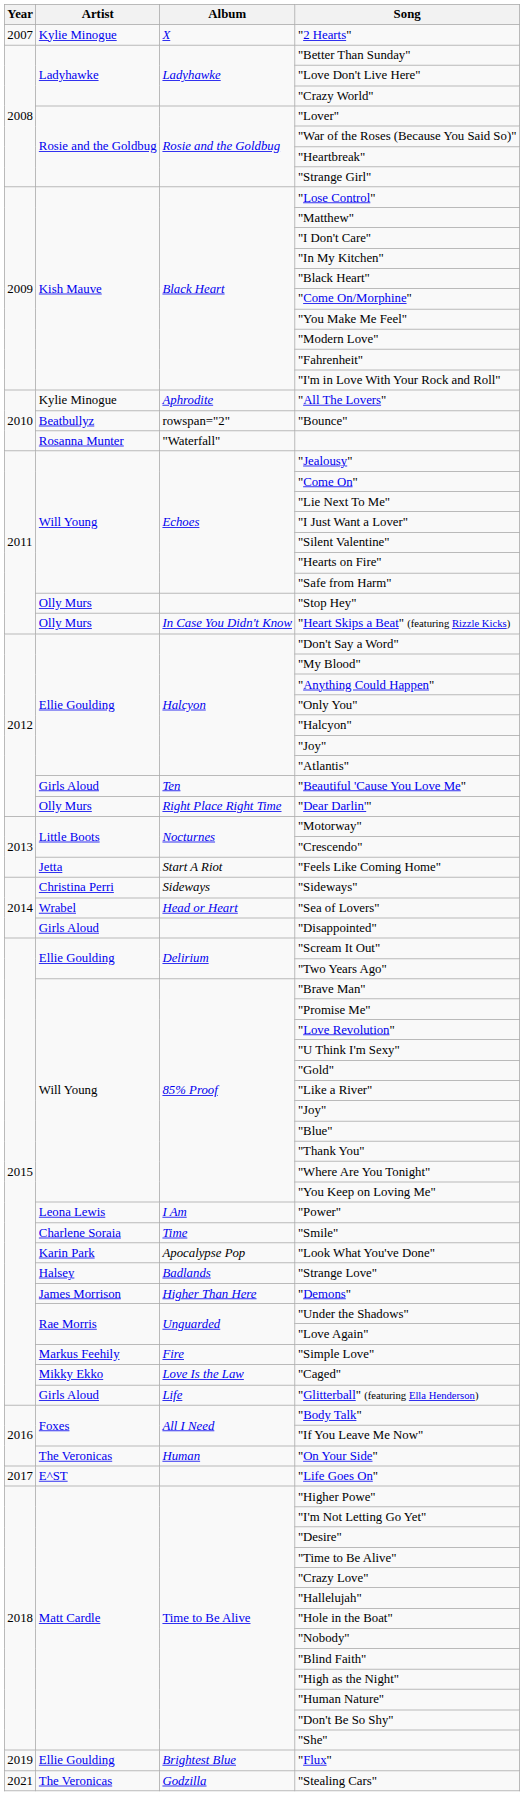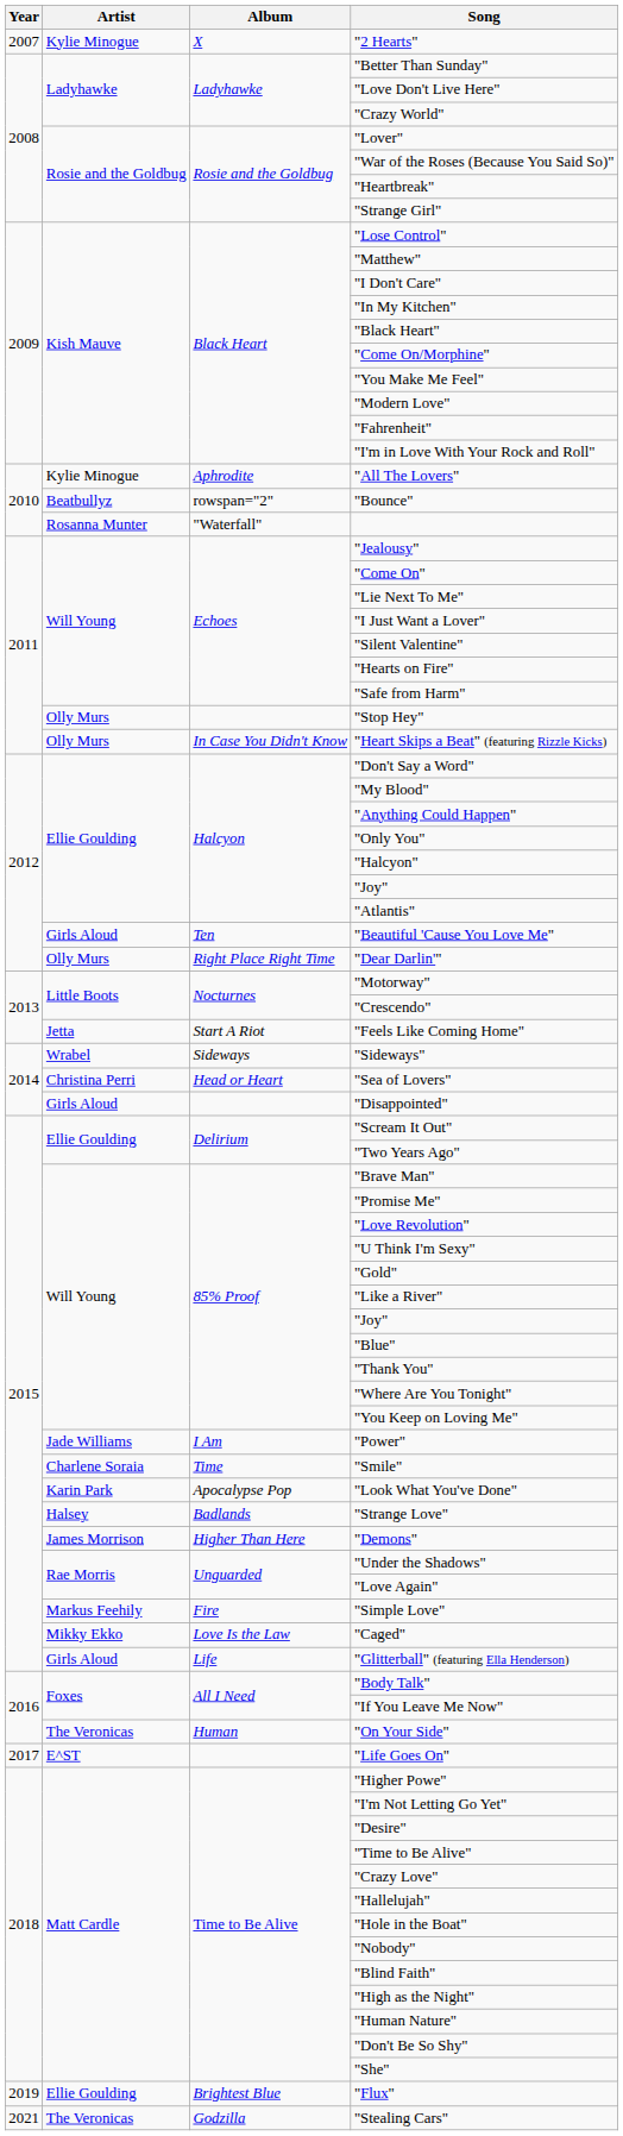 <table class="wikitable">
 <tr>
 <th>Year</th>
 <th>Artist</th>
 <th>Album</th>
 <th>Song</th>
 </tr>
 <tr>
 <td>2007</td>
 <td><a href='#'>Kylie Minogue</a></td>
 <td><em><a href='#'>X</a></em></td>
 <td>"<a href='#'>2 Hearts</a>"</td>
 </tr>
 <tr>
 <td rowspan="7">2008</td>
 <td rowspan="3"><a href='#'>Ladyhawke</a></td>
 <td rowspan="3"><em><a href='#'>Ladyhawke</a></em></td>
 <td>"Better Than Sunday"</td>
 </tr>
 <tr>
 <td>"Love Don't Live Here"</td>
 </tr>
 <tr>
 <td>"Crazy World"</td>
 </tr>
 <tr>
 <td rowspan="4"><a href='#'>Rosie and the Goldbug</a></td>
 <td rowspan="4"><em><a href='#'>Rosie and the Goldbug</a></em></td>
 <td>"Lover"</td>
 </tr>
 <tr>
 <td>"War of the Roses (Because You Said So)"</td>
 </tr>
 <tr>
 <td>"Heartbreak"</td>
 </tr>
 <tr>
 <td>"Strange Girl"</td>
 </tr>
 <tr>
 <td rowspan="10">2009</td>
 <td rowspan="10"><a href='#'>Kish Mauve</a></td>
 <td rowspan="10"><em><a href='#'>Black Heart</a></em></td>
 <td>"<a href='#'>Lose Control</a>"</td>
 </tr>
 <tr>
 <td>"Matthew"</td>
 </tr>
 <tr>
 <td>"I Don't Care"</td>
 </tr>
 <tr>
 <td>"In My Kitchen"</td>
 </tr>
 <tr>
 <td>"Black Heart"</td>
 </tr>
 <tr>
 <td>"<a href='#'>Come On/Morphine</a>"</td>
 </tr>
 <tr>
 <td>"You Make Me Feel"</td>
 </tr>
 <tr>
 <td>"Modern Love"</td>
 </tr>
 <tr>
 <td>"Fahrenheit"</td>
 </tr>
 <tr>
 <td>"I'm in Love With Your Rock and Roll"</td>
 </tr>
 <tr>
 <td rowspan="3">2010</td>
 <td>Kylie Minogue</td>
 <td><em><a href='#'>Aphrodite</a></em></td>
 <td>"<a href='#'>All The Lovers</a>"</td>
 </tr>
 <tr>
 <td><a href='#'>Beatbullyz</a></td>
 <td>rowspan="2" </td>
 <td>"Bounce"</td>
 </tr>
 <tr>
 <td><a href='#'>Rosanna Munter</a></td>
 <td>"Waterfall"</td>
 </tr>
 <tr>
 <td rowspan="9">2011</td>
 <td rowspan="7"><a href='#'>Will Young</a></td>
 <td rowspan="7"><em><a href='#'>Echoes</a></em></td>
 <td>"<a href='#'>Jealousy</a>"</td>
 </tr>
 <tr>
 <td>"<a href='#'>Come On</a>"</td>
 </tr>
 <tr>
 <td>"Lie Next To Me"</td>
 </tr>
 <tr>
 <td>"I Just Want a Lover"</td>
 </tr>
 <tr>
 <td>"Silent Valentine"</td>
 </tr>
 <tr>
 <td>"Hearts on Fire"</td>
 </tr>
 <tr>
 <td>"Safe from Harm"</td>
 </tr>
 <tr>
 <td><a href='#'>Olly Murs</a></td>
 <td></td>
 <td>"Stop Hey"</td>
 </tr>
 <tr>
 <td><a href='#'>Olly Murs</a></td>
 <td><em><a href='#'>In Case You Didn't Know</a></em></td>
 <td>"<a href='#'>Heart Skips a Beat</a>" <small>(featuring <a href='#'>Rizzle Kicks</a>)</small></td>
 </tr>
 <tr>
 <td rowspan="9">2012</td>
 <td rowspan="7"><a href='#'>Ellie Goulding</a></td>
 <td rowspan="7"><em><a href='#'>Halcyon</a></em></td>
 <td>"Don't Say a Word"</td>
 </tr>
 <tr>
 <td>"My Blood"</td>
 </tr>
 <tr>
 <td>"<a href='#'>Anything Could Happen</a>"</td>
 </tr>
 <tr>
 <td>"Only You"</td>
 </tr>
 <tr>
 <td>"Halcyon"</td>
 </tr>
 <tr>
 <td>"Joy"</td>
 </tr>
 <tr>
 <td>"Atlantis"</td>
 </tr>
 <tr>
 <td><a href='#'>Girls Aloud</a></td>
 <td><em><a href='#'>Ten</a></em></td>
 <td>"<a href='#'>Beautiful 'Cause You Love Me</a>"</td>
 </tr>
 <tr>
 <td><a href='#'>Olly Murs</a></td>
 <td><em><a href='#'>Right Place Right Time</a></em></td>
 <td>"<a href='#'>Dear Darlin'</a>"</td>
 </tr>
 <tr>
 <td rowspan="3">2013</td>
 <td rowspan="2"><a href='#'>Little Boots</a></td>
 <td rowspan="2"><em><a href='#'>Nocturnes</a></em></td>
 <td>"Motorway"</td>
 </tr>
 <tr>
 <td>"Crescendo"</td>
 </tr>
 <tr>
 <td><a href='#'>Jetta</a></td>
 <td><em>Start A Riot</em></td>
 <td>"Feels Like Coming Home"</td>
 </tr>
 <tr>
 <td rowspan="3">2014</td>
-<td><a href='#'>Christina Perri</a></td>
+<td><a href='#'>Wrabel</a></td>
 <td><em>Sideways</em></td>
 <td>"Sideways"</td>
 </tr>
 <tr>
-<td><a href='#'>Wrabel</a></td>
+<td><a href='#'>Christina Perri</a></td>
 <td><em><a href='#'>Head or Heart</a></em></td>
 <td>"Sea of Lovers"</td>
 </tr>
 <tr>
 <td><a href='#'>Girls Aloud</a></td>
 <td></td>
 <td>"Disappointed"</td>
 </tr>
 <tr>
 <td rowspan="23">2015</td>
 <td rowspan="2"><a href='#'>Ellie Goulding</a></td>
 <td rowspan="2"><em><a href='#'>Delirium</a></em></td>
 <td>"Scream It Out"</td>
 </tr>
 <tr>
 <td>"Two Years Ago"</td>
 </tr>
 <tr>
 <td rowspan="11">Will Young</td>
 <td rowspan="11"><em><a href='#'>85% Proof</a></em></td>
 <td>"Brave Man"</td>
 </tr>
 <tr>
 <td>"Promise Me"</td>
 </tr>
 <tr>
 <td>"<a href='#'>Love Revolution</a>"</td>
 </tr>
 <tr>
 <td>"U Think I'm Sexy"</td>
 </tr>
 <tr>
 <td>"Gold"</td>
 </tr>
 <tr>
 <td>"Like a River"</td>
 </tr>
 <tr>
 <td>"Joy"</td>
 </tr>
 <tr>
 <td>"Blue"</td>
 </tr>
 <tr>
 <td>"Thank You"</td>
 </tr>
 <tr>
 <td>"Where Are You Tonight"</td>
 </tr>
 <tr>
 <td>"You Keep on Loving Me"</td>
 </tr>
 <tr>
-<td><a href='#'>Leona Lewis</a></td>
+<td><a href='#'>Jade Williams</a></td>
 <td><em><a href='#'>I Am</a></em></td>
 <td>"Power"</td>
 </tr>
 <tr>
 <td><a href='#'>Charlene Soraia</a></td>
 <td><em><a href='#'>Time</a></em></td>
 <td>"Smile"</td>
 </tr>
 <tr>
 <td><a href='#'>Karin Park</a></td>
 <td><em>Apocalypse Pop</em></td>
 <td>"Look What You've Done"</td>
 </tr>
 <tr>
 <td><a href='#'>Halsey</a></td>
 <td><em><a href='#'>Badlands</a></em></td>
 <td>"Strange Love"</td>
 </tr>
 <tr>
 <td><a href='#'>James Morrison</a></td>
 <td><em><a href='#'>Higher Than Here</a></em></td>
 <td>"<a href='#'>Demons</a>"</td>
 </tr>
 <tr>
 <td rowspan="2"><a href='#'>Rae Morris</a></td>
 <td rowspan="2"><em><a href='#'>Unguarded</a></em></td>
 <td>"Under the Shadows"</td>
 </tr>
 <tr>
 <td>"Love Again"</td>
 </tr>
 <tr>
 <td><a href='#'>Markus Feehily</a></td>
 <td><em><a href='#'>Fire</a></em></td>
 <td>"Simple Love"</td>
 </tr>
 <tr>
 <td><a href='#'>Mikky Ekko</a></td>
 <td><em><a href='#'>Love Is the Law</a></em></td>
 <td>"Caged"</td>
 </tr>
 <tr>
 <td><a href='#'>Girls Aloud</a></td>
 <td><em><a href='#'>Life</a></em></td>
 <td>"<a href='#'>Glitterball</a>" <small>(featuring <a href='#'>Ella Henderson</a>)</small></td>
 </tr>
 <tr>
 <td rowspan="3">2016</td>
 <td rowspan="2"><a href='#'>Foxes</a></td>
 <td rowspan="2"><em><a href='#'>All I Need</a></em></td>
 <td>"<a href='#'>Body Talk</a>"</td>
 </tr>
 <tr>
 <td>"If You Leave Me Now"</td>
 </tr>
 <tr>
 <td><a href='#'>The Veronicas</a></td>
 <td><em><a href='#'>Human</a></em></td>
 <td>"<a href='#'>On Your Side</a>"</td>
 </tr>
 <tr>
 <td>2017</td>
 <td><a href='#'>E^ST</a></td>
 <td></td>
 <td>"<a href='#'>Life Goes On</a>"</td>
 </tr>
 <tr>
 <td rowspan="13">2018</td>
 <td rowspan="13"><a href='#'>Matt Cardle</a></td>
 <td rowspan="13"><a href='#'>Time to Be Alive</a></td>
 <td>"Higher Powe"</td>
 </tr>
 <tr>
 <td>"I'm Not Letting Go Yet"</td>
 </tr>
 <tr>
 <td>"Desire"</td>
 </tr>
 <tr>
 <td>"Time to Be Alive"</td>
 </tr>
 <tr>
 <td>"Crazy Love"</td>
 </tr>
 <tr>
 <td>"Hallelujah"</td>
 </tr>
 <tr>
 <td>"Hole in the Boat"</td>
 </tr>
 <tr>
 <td>"Nobody"</td>
 </tr>
 <tr>
 <td>"Blind Faith"</td>
 </tr>
 <tr>
 <td>"High as the Night"</td>
 </tr>
 <tr>
 <td>"Human Nature"</td>
 </tr>
 <tr>
 <td>"Don't Be So Shy"</td>
 </tr>
 <tr>
 <td>"She"</td>
 </tr>
 <tr>
 <td>2019</td>
 <td><a href='#'>Ellie Goulding</a></td>
 <td><em><a href='#'>Brightest Blue</a></em></td>
 <td>"<a href='#'>Flux</a>"</td>
 </tr>
 <tr>
 <td>2021</td>
 <td><a href='#'>The Veronicas</a></td>
 <td><em><a href='#'>Godzilla</a></em></td>
 <td>"Stealing Cars"</td>
 </tr>
 </table>
